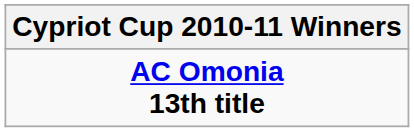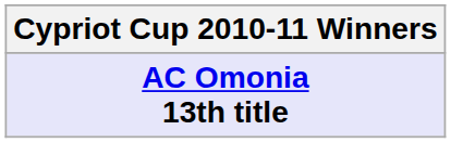 <table class="wikitable" style="text-align: center; margin: 0 auto;">
 <tr>
 <th>Cypriot Cup 2010-11 Winners</th>
 </tr>
 <tr>
-<td><strong><a href='#'>AC Omonia</a></strong><br><strong>13th title</strong></td>
+<td style="background: lavender;"><strong><a href='#'>AC Omonia</a></strong><br><strong>13th title</strong></td>
 </tr>
 </table>
